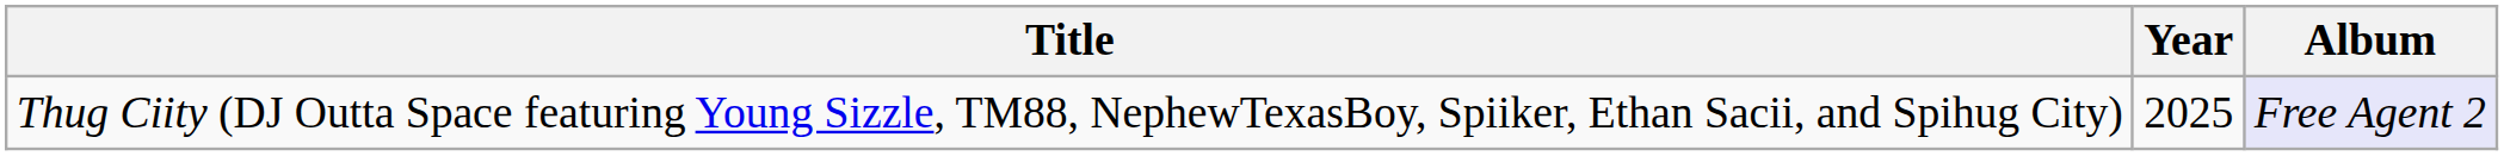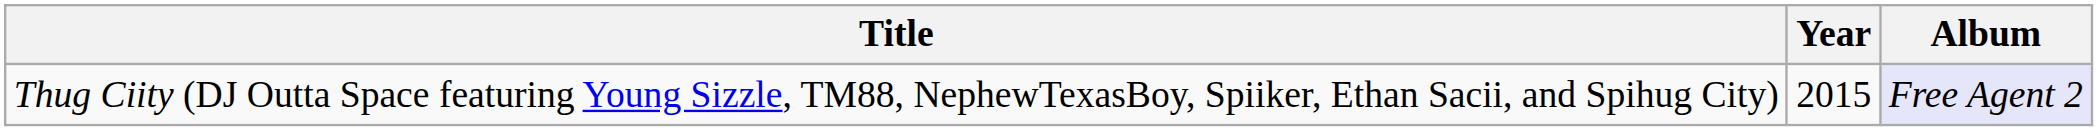 <table class="wikitable">
 <tr>
 <th>Title</th>
 <th>Year</th>
 <th>Album</th>
 </tr>
 <tr>
 <td><em>Thug Ciity</em> (DJ Outta Space featuring <a href='#'>Young Sizzle</a>, TM88, NephewTexasBoy, Spiiker, Ethan Sacii, and Spihug City)</td>
-<td>2025</td>
+<td>2015</td>
 <td style="background: lavender;"><em>Free Agent 2</em></td>
 </tr>
 </table>
